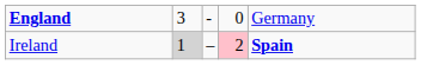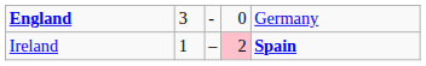 <table class="wikitable">
 <tr>
 <td width=150> <strong><a href='#'>England</a></strong></td>
 <td style="width:20px; text-align:left;">3</td>
 <td>-</td>
 <td style="width:20px; text-align:right;">0</td>
 <td width=150> <a href='#'>Germany</a></td>
 </tr>
 <tr>
 <td> <a href='#'>Ireland</a></td>
-<td style="background: lightgrey; text-align:left;">1</td>
+<td style="text-align:left;">1</td>
 <td>–</td>
 <td style="background: pink; text-align:right;">2</td>
 <td> <strong><a href='#'>Spain</a></strong></td>
 </tr>
 </table>
